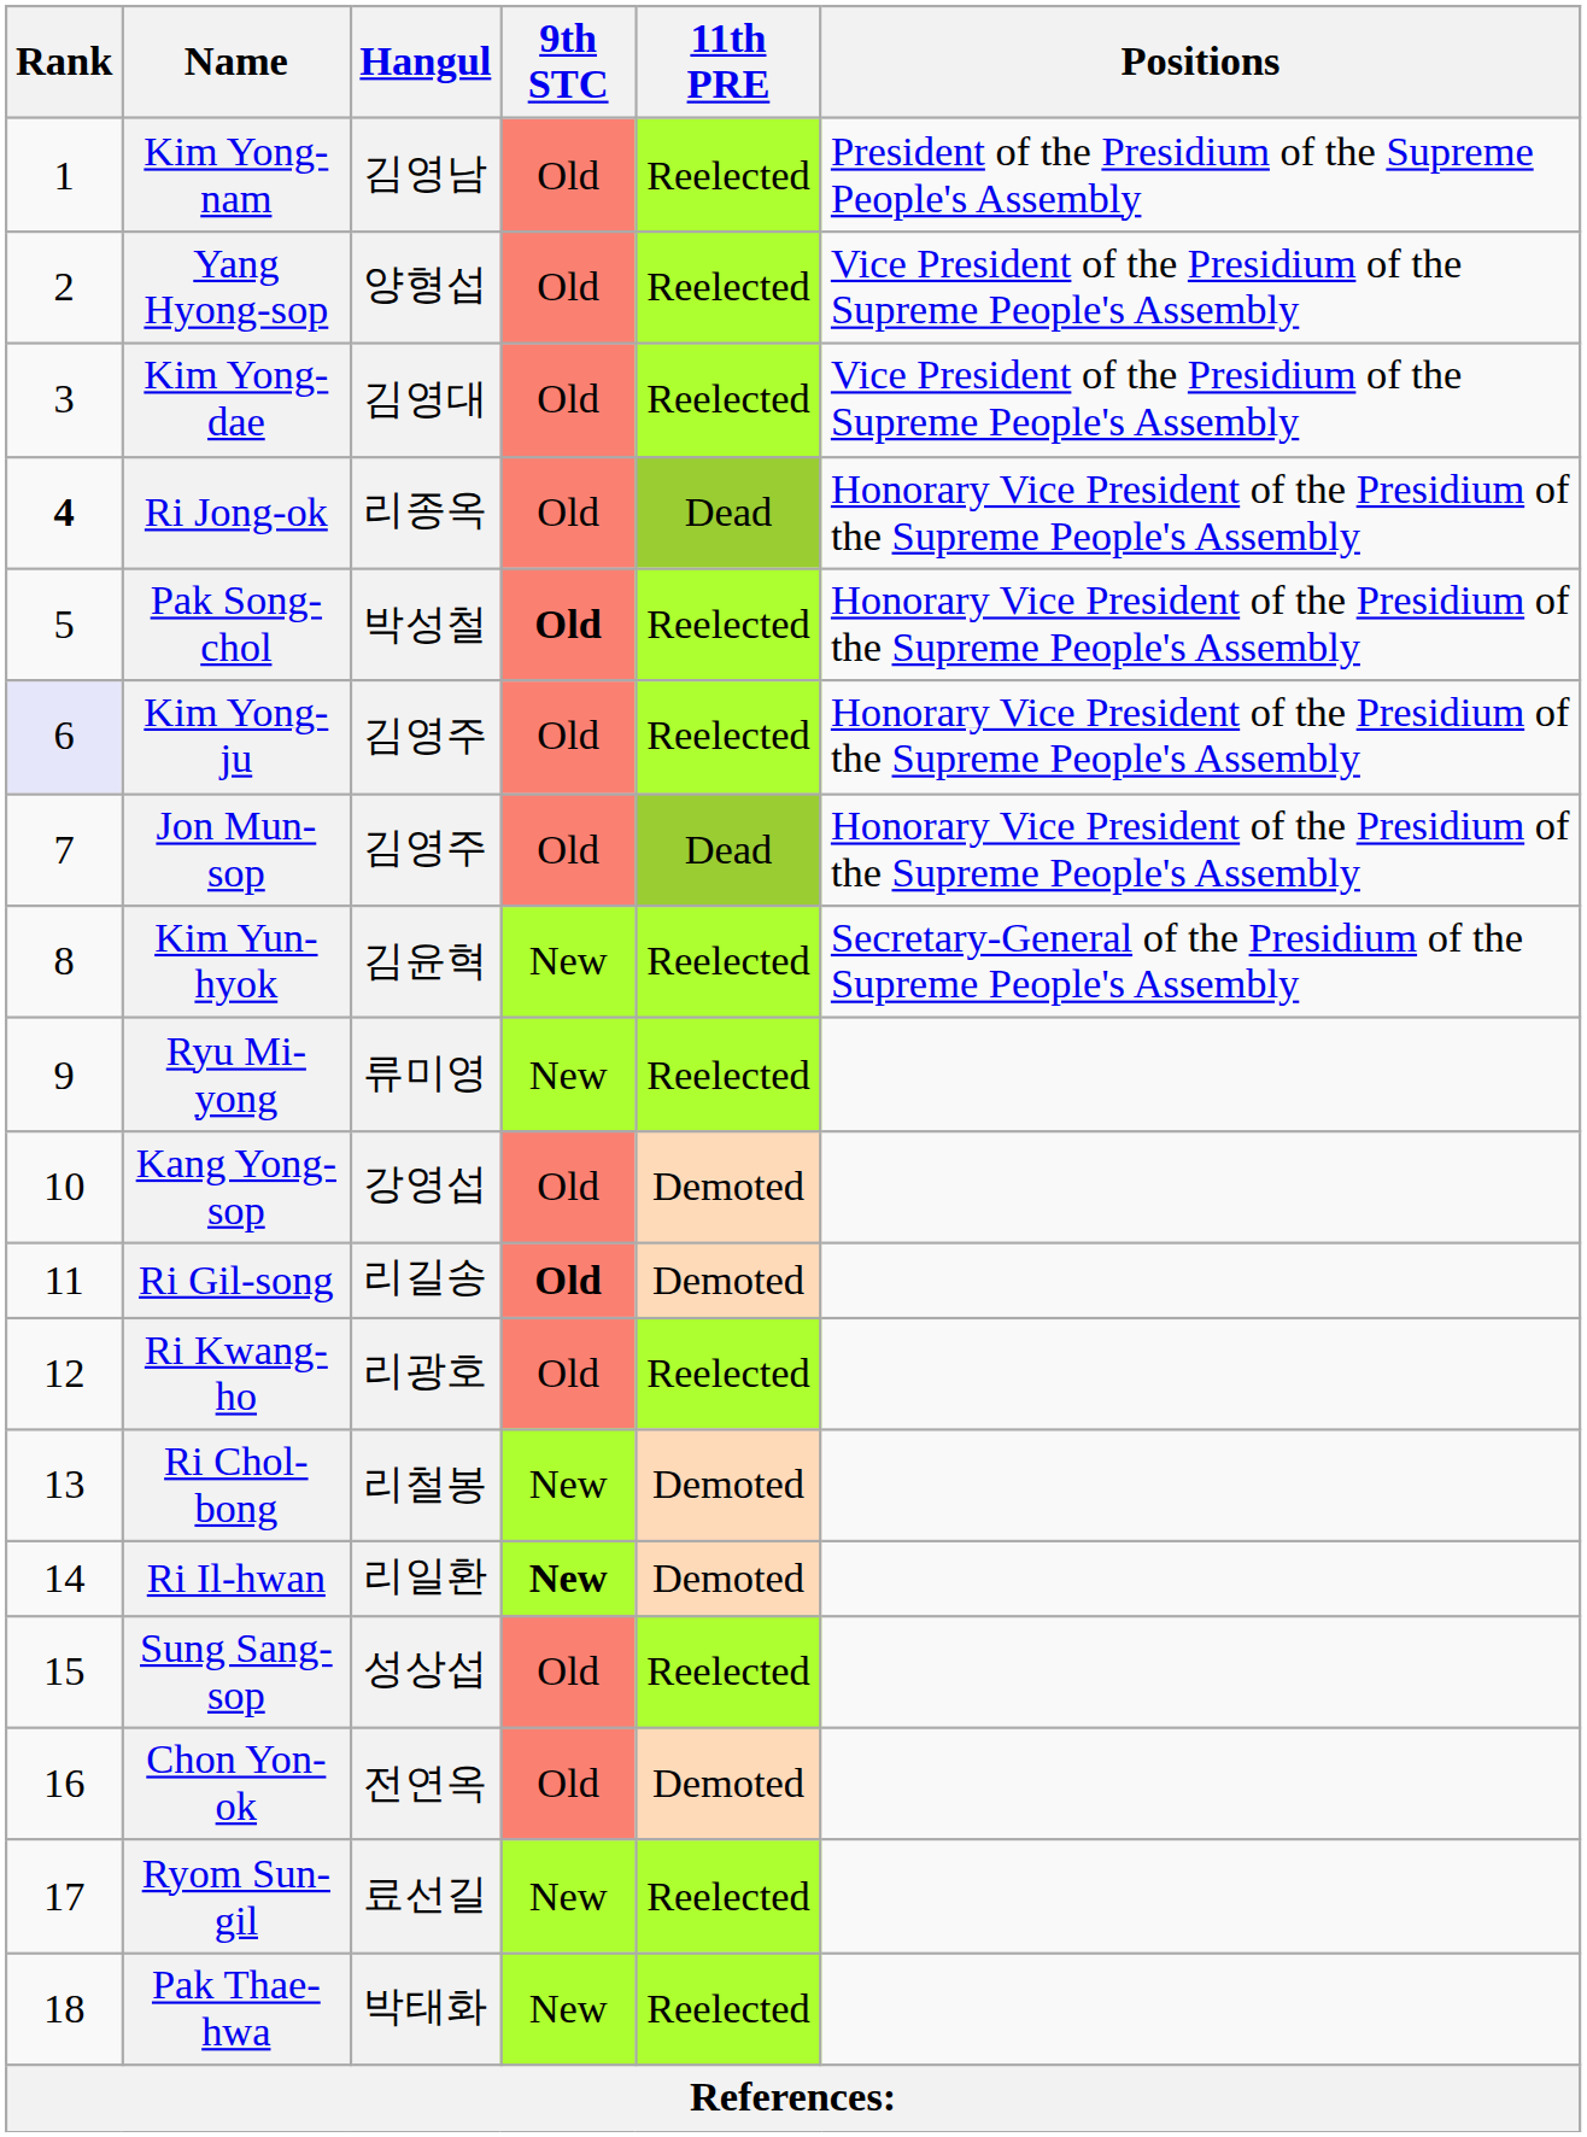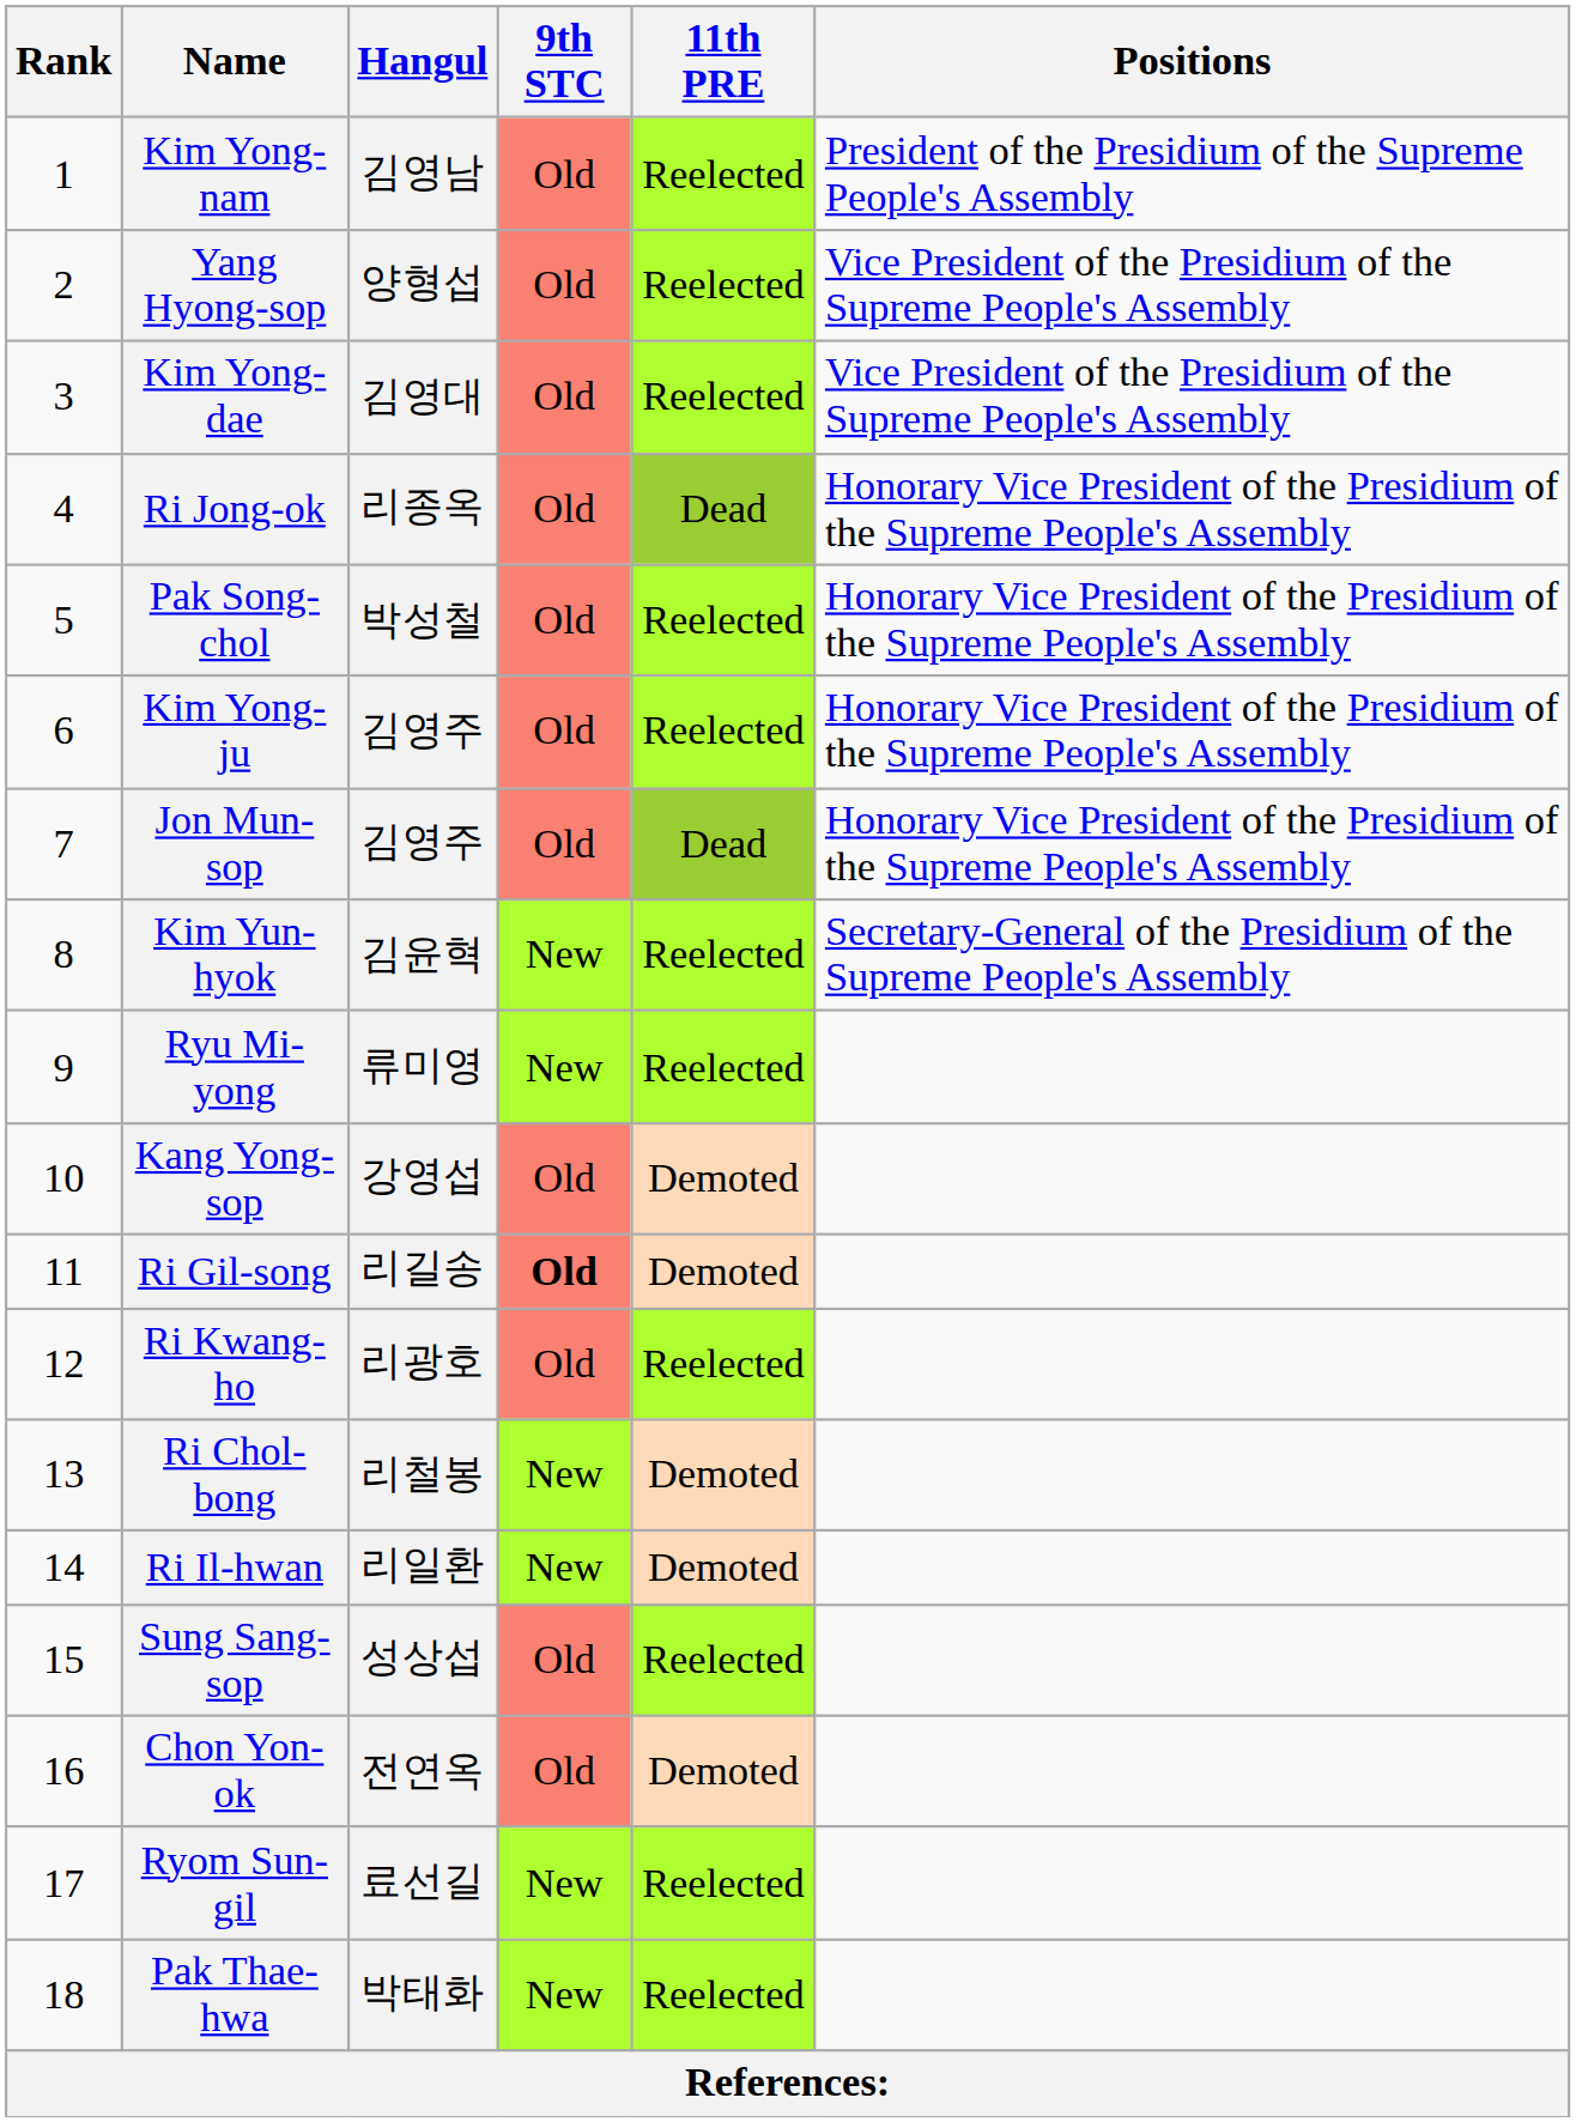 <table class="wikitable sortable">
 <tr>
 <th>Rank</th>
 <th>Name</th>
 <th class="unsortable"><a href='#'>Hangul</a></th>
 <th><a href='#'>9th STC</a></th>
 <th><a href='#'>11th PRE</a></th>
 <th>Positions</th>
 </tr>
 <tr>
 <td align="center">1</td>
 <th align="center" scope="row" style="font-weight:normal;"><a href='#'>Kim Yong-nam</a></th>
 <th align="center" scope="row" style="font-weight:normal;">김영남</th>
 <td style="background: Salmon" align="center">Old</td>
 <td align="center" style="background: GreenYellow">Reelected</td>
 <td><a href='#'>President</a> of the <a href='#'>Presidium</a> of the <a href='#'>Supreme People's Assembly</a></td>
 </tr>
 <tr>
 <td align="center">2</td>
 <th align="center" scope="row" style="font-weight:normal;"><a href='#'>Yang Hyong-sop</a></th>
 <th align="center" scope="row" style="font-weight:normal;">양형섭</th>
 <td style="background: Salmon" align="center">Old</td>
 <td align="center" style="background: GreenYellow">Reelected</td>
 <td><a href='#'>Vice President</a> of the <a href='#'>Presidium</a> of the <a href='#'>Supreme People's Assembly</a></td>
 </tr>
 <tr>
 <td align="center">3</td>
 <th align="center" scope="row" style="font-weight:normal;"><a href='#'>Kim Yong-dae</a></th>
 <th align="center" scope="row" style="font-weight:normal;">김영대</th>
 <td style="background: Salmon" align="center">Old</td>
 <td align="center" style="background: GreenYellow">Reelected</td>
 <td><a href='#'>Vice President</a> of the <a href='#'>Presidium</a> of the <a href='#'>Supreme People's Assembly</a></td>
 </tr>
 <tr>
-<td align="center"><strong>4</strong></td>
+<td align="center">4</td>
 <th align="center" scope="row" style="font-weight:normal;"><a href='#'>Ri Jong-ok</a></th>
 <th align="center" scope="row" style="font-weight:normal;">리종옥</th>
 <td style="background: Salmon" align="center">Old</td>
 <td data-sort-value="1" align="center" style="background: YellowGreen">Dead</td>
 <td><a href='#'>Honorary Vice President</a> of the <a href='#'>Presidium</a> of the <a href='#'>Supreme People's Assembly</a></td>
 </tr>
 <tr>
 <td align="center">5</td>
 <th align="center" scope="row" style="font-weight:normal;"><a href='#'>Pak Song-chol</a></th>
 <th align="center" scope="row" style="font-weight:normal;">박성철</th>
-<td style="background: Salmon" align="center"><strong>Old</strong></td>
+<td style="background: Salmon" align="center">Old</td>
 <td align="center" style="background: GreenYellow">Reelected</td>
 <td><a href='#'>Honorary Vice President</a> of the <a href='#'>Presidium</a> of the <a href='#'>Supreme People's Assembly</a></td>
 </tr>
 <tr>
-<td align="center" style="background: lavender;">6</td>
+<td align="center">6</td>
 <th align="center" scope="row" style="font-weight:normal;"><a href='#'>Kim Yong-ju</a></th>
 <th align="center" scope="row" style="font-weight:normal;">김영주</th>
 <td style="background: Salmon" align="center">Old</td>
 <td align="center" style="background: GreenYellow">Reelected</td>
 <td><a href='#'>Honorary Vice President</a> of the <a href='#'>Presidium</a> of the <a href='#'>Supreme People's Assembly</a></td>
 </tr>
 <tr>
 <td align="center">7</td>
 <th align="center" scope="row" style="font-weight:normal;"><a href='#'>Jon Mun-sop</a></th>
 <th align="center" scope="row" style="font-weight:normal;">김영주</th>
 <td style="background: Salmon" align="center">Old</td>
 <td data-sort-value="1" align="center" style="background: YellowGreen">Dead</td>
 <td><a href='#'>Honorary Vice President</a> of the <a href='#'>Presidium</a> of the <a href='#'>Supreme People's Assembly</a></td>
 </tr>
 <tr>
 <td align="center">8</td>
 <th align="center" scope="row" style="font-weight:normal;"><a href='#'>Kim Yun-hyok</a></th>
 <th align="center" scope="row" style="font-weight:normal;">김윤혁</th>
 <td align="center" style="background: GreenYellow">New</td>
 <td align="center" style="background: GreenYellow">Reelected</td>
 <td><a href='#'>Secretary-General</a> of the <a href='#'>Presidium</a> of the <a href='#'>Supreme People's Assembly</a></td>
 </tr>
 <tr>
 <td align="center">9</td>
 <th align="center" scope="row" style="font-weight:normal;"><a href='#'>Ryu Mi-yong</a></th>
 <th align="center" scope="row" style="font-weight:normal;">류미영</th>
 <td align="center" style="background: GreenYellow">New</td>
 <td align="center" style="background: GreenYellow">Reelected</td>
 <td></td>
 </tr>
 <tr>
 <td align="center">10</td>
 <th align="center" scope="row" style="font-weight:normal;"><a href='#'>Kang Yong-sop</a></th>
 <th align="center" scope="row" style="font-weight:normal;">강영섭</th>
 <td style="background: Salmon" align="center">Old</td>
 <td style="background: PeachPuff" align="center">Demoted</td>
 <td></td>
 </tr>
 <tr>
 <td align="center">11</td>
 <th align="center" scope="row" style="font-weight:normal;"><a href='#'>Ri Gil-song</a></th>
 <th align="center" scope="row" style="font-weight:normal;">리길송</th>
 <td style="background: Salmon" align="center"><strong>Old</strong></td>
 <td style="background: PeachPuff" align="center">Demoted</td>
 <td></td>
 </tr>
 <tr>
 <td align="center">12</td>
 <th align="center" scope="row" style="font-weight:normal;"><a href='#'>Ri Kwang-ho</a></th>
 <th align="center" scope="row" style="font-weight:normal;">리광호</th>
 <td style="background: Salmon" align="center">Old</td>
 <td align="center" style="background: GreenYellow">Reelected</td>
 <td></td>
 </tr>
 <tr>
 <td align="center">13</td>
 <th align="center" scope="row" style="font-weight:normal;"><a href='#'>Ri Chol-bong</a></th>
 <th align="center" scope="row" style="font-weight:normal;">리철봉</th>
 <td align="center" style="background: GreenYellow">New</td>
 <td style="background: PeachPuff" align="center">Demoted</td>
 <td></td>
 </tr>
 <tr>
 <td align="center">14</td>
 <th align="center" scope="row" style="font-weight:normal;"><a href='#'>Ri Il-hwan</a></th>
 <th align="center" scope="row" style="font-weight:normal;">리일환</th>
-<td align="center" style="background: GreenYellow"><strong>New</strong></td>
+<td align="center" style="background: GreenYellow">New</td>
 <td style="background: PeachPuff" align="center">Demoted</td>
 <td></td>
 </tr>
 <tr>
 <td align="center">15</td>
 <th align="center" scope="row" style="font-weight:normal;"><a href='#'>Sung Sang-sop</a></th>
 <th align="center" scope="row" style="font-weight:normal;">성상섭</th>
 <td style="background: Salmon" align="center">Old</td>
 <td align="center" style="background: GreenYellow">Reelected</td>
 <td></td>
 </tr>
 <tr>
 <td align="center">16</td>
 <th align="center" scope="row" style="font-weight:normal;"><a href='#'>Chon Yon-ok</a></th>
 <th align="center" scope="row" style="font-weight:normal;">전연옥</th>
 <td style="background: Salmon" align="center">Old</td>
 <td style="background: PeachPuff" align="center">Demoted</td>
 <td></td>
 </tr>
 <tr>
 <td align="center">17</td>
 <th align="center" scope="row" style="font-weight:normal;"><a href='#'>Ryom Sun-gil</a></th>
 <th align="center" scope="row" style="font-weight:normal;">료선길</th>
 <td align="center" style="background: GreenYellow">New</td>
 <td align="center" style="background: GreenYellow">Reelected</td>
 <td></td>
 </tr>
 <tr>
 <td align="center">18</td>
 <th align="center" scope="row" style="font-weight:normal;"><a href='#'>Pak Thae-hwa</a></th>
 <th align="center" scope="row" style="font-weight:normal;">박태화</th>
 <td align="center" style="background: GreenYellow">New</td>
 <td align="center" style="background: GreenYellow">Reelected</td>
 <td></td>
 </tr>
 <tr>
 <th colspan="6" unsortable><strong>References:</strong><br></th>
 </tr>
 </table>
